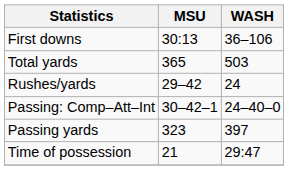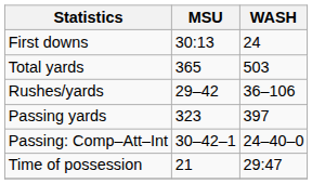 <table class="wikitable" style="float: left;">
 <tr>
 <th>Statistics</th>
 <th>MSU</th>
 <th>WASH</th>
 </tr>
 <tr>
 <td>First downs</td>
 <td>30:13</td>
-<td>36–106</td>
+<td>24</td>
 </tr>
 <tr>
 <td>Total yards</td>
 <td>365</td>
 <td>503</td>
 </tr>
 <tr>
 <td>Rushes/yards</td>
 <td>29–42</td>
-<td>24</td>
+<td>36–106</td>
+</tr>
+<tr>
+<td>Passing yards</td>
+<td>323</td>
+<td>397</td>
 </tr>
 <tr>
 <td>Passing: Comp–Att–Int</td>
 <td>30–42–1</td>
 <td>24–40–0</td>
-</tr>
-<tr>
-<td>Passing yards</td>
-<td>323</td>
-<td>397</td>
 </tr>
 <tr>
 <td>Time of possession</td>
 <td>21</td>
 <td>29:47</td>
 </tr>
 <tr>
 </tr>
 </table>
